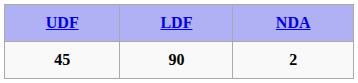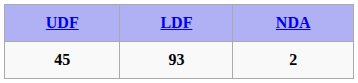 <table class="wikitable" style="text-align:center; width:350px; height:75px; font-family:API-PHONETIQUE">
 <tr>
 <th style="background-color:#b0b0f4"><a href='#'>UDF</a></th>
 <th style="background-color:#b0b0f4"><a href='#'>LDF</a></th>
 <th style="background-color:#b0b0f4"><a href='#'>NDA</a></th>
 </tr>
 <tr>
 <td style="background:"><strong>45</strong></td>
-<td style="background:"><strong>90</strong></td>
+<td style="background:"><strong>93</strong></td>
 <td style="background:"><strong>2</strong></td>
 </tr>
 </table>
